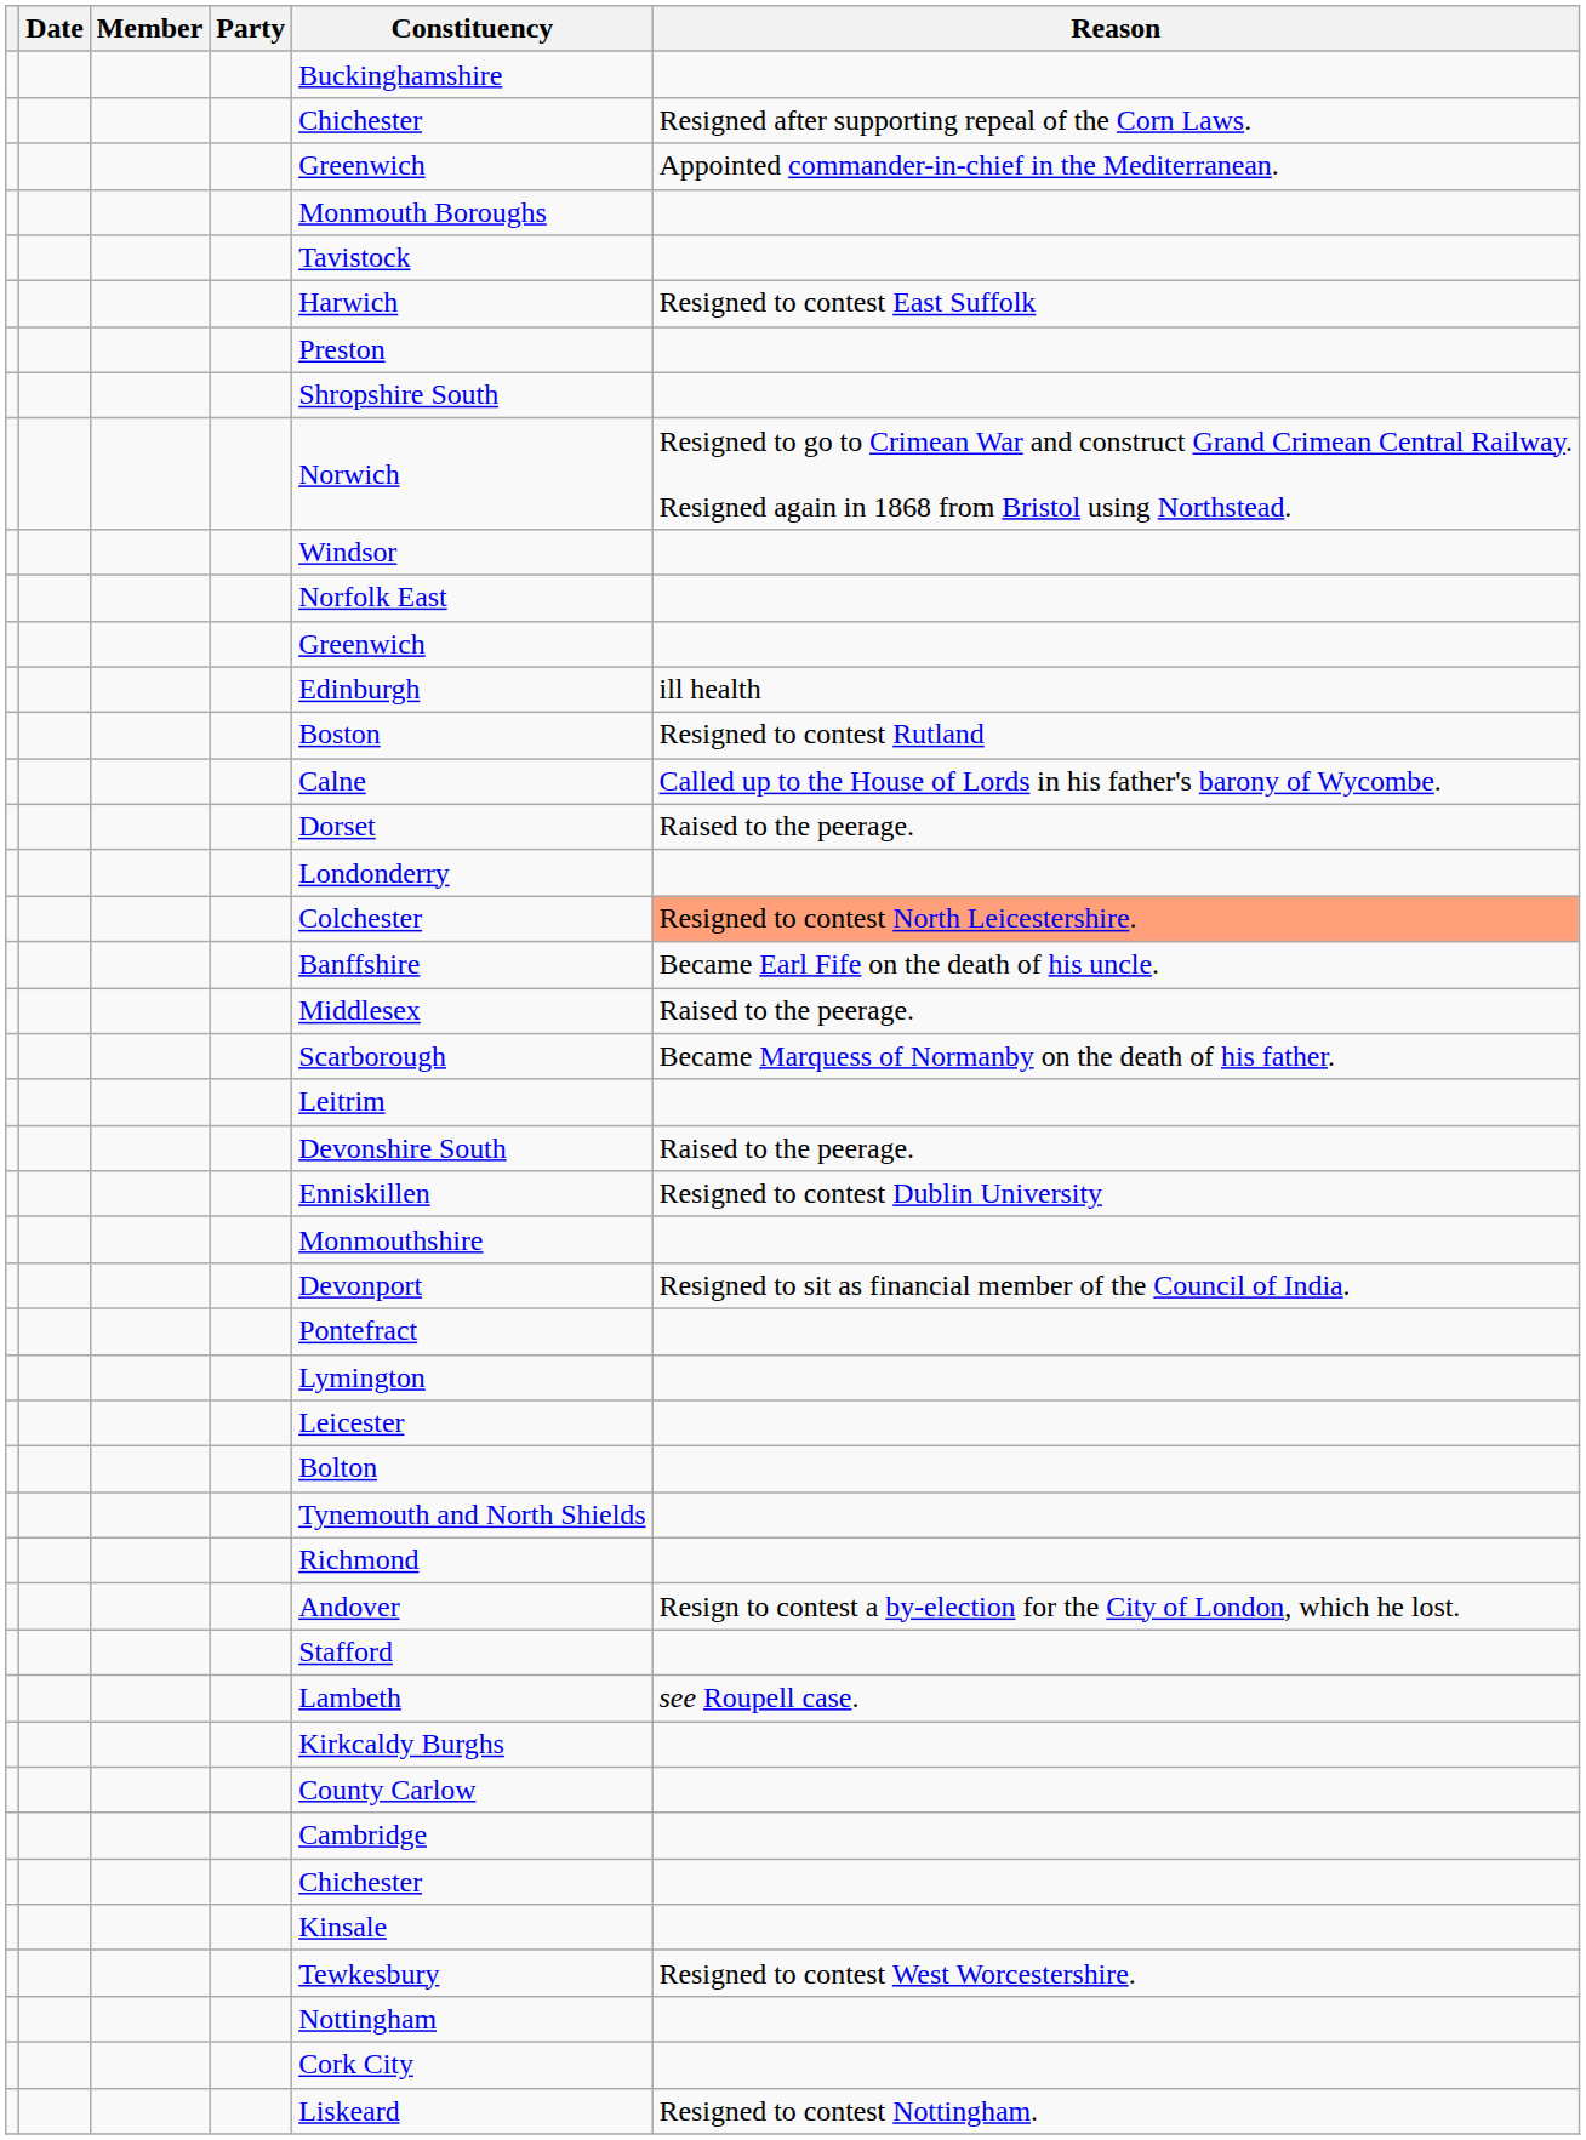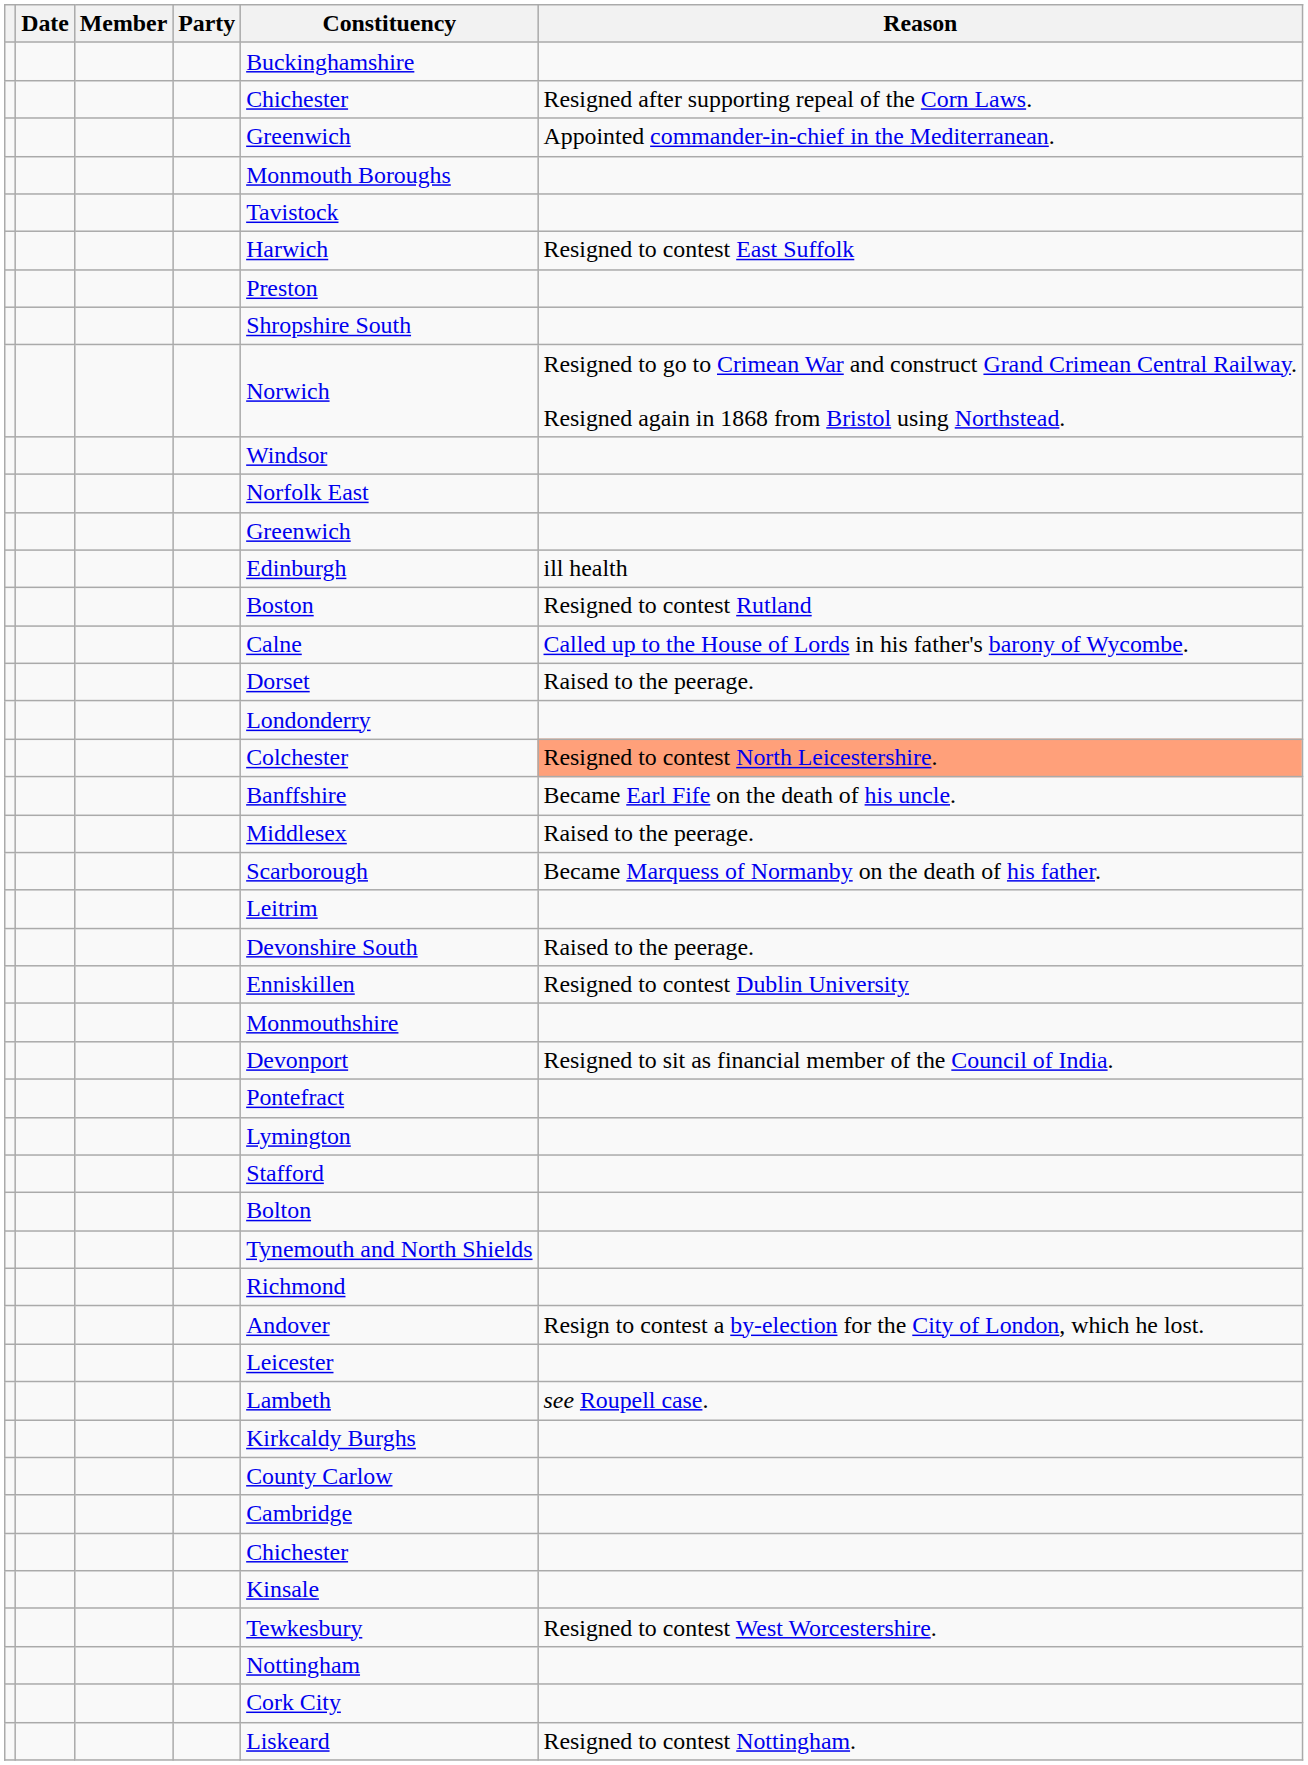 <table class="wikitable sortable">
 <tr>
 <th class="unsortable"></th>
 <th>Date</th>
 <th>Member</th>
 <th>Party</th>
 <th>Constituency</th>
 <th class="unsortable">Reason</th>
 </tr>
 <tr>
 <td style="background-color: "></td>
 <td></td>
 <td></td>
 <td><a href='#'></a></td>
 <td><a href='#'>Buckinghamshire</a></td>
 <td></td>
 </tr>
 <tr>
 <td style="background-color: "></td>
 <td></td>
 <td></td>
 <td><a href='#'></a></td>
 <td><a href='#'>Chichester</a></td>
 <td>Resigned after supporting repeal of the <a href='#'>Corn Laws</a>.</td>
 </tr>
 <tr>
 <td style="background-color: "></td>
 <td></td>
 <td></td>
 <td><a href='#'></a></td>
 <td><a href='#'>Greenwich</a></td>
 <td>Appointed <a href='#'>commander-in-chief in the Mediterranean</a>.</td>
 </tr>
 <tr>
 <td style="background-color: "></td>
 <td></td>
 <td></td>
 <td><a href='#'></a></td>
 <td><a href='#'>Monmouth Boroughs</a></td>
 <td></td>
 </tr>
 <tr>
 <td style="background-color: "></td>
 <td></td>
 <td></td>
 <td><a href='#'></a></td>
 <td><a href='#'>Tavistock</a></td>
 <td></td>
 </tr>
 <tr>
 <td style="background-color: "></td>
 <td></td>
 <td></td>
 <td><a href='#'></a></td>
 <td><a href='#'>Harwich</a></td>
 <td>Resigned to contest <a href='#'>East Suffolk</a></td>
 </tr>
 <tr>
 <td style="background-color: "></td>
 <td></td>
 <td></td>
 <td><a href='#'></a></td>
 <td><a href='#'>Preston</a></td>
 <td></td>
 </tr>
 <tr>
 <td style="background-color: "></td>
 <td></td>
 <td></td>
 <td><a href='#'></a></td>
 <td><a href='#'>Shropshire South</a></td>
 <td></td>
 </tr>
 <tr>
 <td style="background-color: "></td>
 <td></td>
 <td></td>
 <td><a href='#'></a></td>
 <td><a href='#'>Norwich</a></td>
 <td>Resigned to go to <a href='#'>Crimean War</a> and construct <a href='#'>Grand Crimean Central Railway</a>.<br><br>Resigned again in 1868 from <a href='#'>Bristol</a> using <a href='#'>Northstead</a>.</td>
 </tr>
 <tr>
 <td style="background-color: "></td>
 <td></td>
 <td></td>
 <td><a href='#'></a></td>
 <td><a href='#'>Windsor</a></td>
 <td></td>
 </tr>
 <tr>
 <td style="background-color: "></td>
 <td></td>
 <td></td>
 <td><a href='#'></a></td>
 <td><a href='#'>Norfolk East</a></td>
 <td></td>
 </tr>
 <tr>
 <td style="background-color: "></td>
 <td></td>
 <td></td>
 <td><a href='#'></a></td>
 <td><a href='#'>Greenwich</a></td>
 <td></td>
 </tr>
 <tr>
 <td style="background-color: "></td>
 <td></td>
 <td></td>
 <td><a href='#'></a></td>
 <td><a href='#'>Edinburgh</a></td>
 <td>ill health</td>
 </tr>
 <tr>
 <td style="background-color: "></td>
 <td></td>
 <td></td>
 <td><a href='#'></a></td>
 <td><a href='#'>Boston</a></td>
 <td>Resigned to contest <a href='#'>Rutland</a></td>
 </tr>
 <tr>
 <td style="background-color: "></td>
 <td></td>
 <td></td>
 <td><a href='#'></a></td>
 <td><a href='#'>Calne</a></td>
 <td><a href='#'>Called up to the House of Lords</a> in his father's <a href='#'>barony of Wycombe</a>.</td>
 </tr>
 <tr>
 <td style="background-color: "></td>
 <td></td>
 <td></td>
 <td><a href='#'></a></td>
 <td><a href='#'>Dorset</a></td>
 <td>Raised to the peerage.</td>
 </tr>
 <tr>
 <td style="background-color: "></td>
 <td></td>
 <td></td>
 <td><a href='#'></a></td>
 <td><a href='#'>Londonderry</a></td>
 <td></td>
 </tr>
 <tr>
 <td style="background-color: "></td>
 <td></td>
 <td></td>
 <td><a href='#'></a></td>
 <td><a href='#'>Colchester</a></td>
 <td style="background: lightsalmon;">Resigned to contest <a href='#'>North Leicestershire</a>.</td>
 </tr>
 <tr>
 <td style="background-color: "></td>
 <td></td>
 <td></td>
 <td><a href='#'></a></td>
 <td><a href='#'>Banffshire</a></td>
 <td>Became <a href='#'>Earl Fife</a> on the death of <a href='#'>his uncle</a>.</td>
 </tr>
 <tr>
 <td style="background-color: "></td>
 <td></td>
 <td></td>
 <td><a href='#'></a></td>
 <td><a href='#'>Middlesex</a></td>
 <td>Raised to the peerage.</td>
 </tr>
 <tr>
 <td style="background-color: "></td>
 <td></td>
 <td></td>
 <td><a href='#'></a></td>
 <td><a href='#'>Scarborough</a></td>
 <td>Became <a href='#'>Marquess of Normanby</a> on the death of <a href='#'>his father</a>.</td>
 </tr>
 <tr>
 <td style="background-color: "></td>
 <td></td>
 <td></td>
 <td><a href='#'></a></td>
 <td><a href='#'>Leitrim</a></td>
 <td></td>
 </tr>
 <tr>
 <td style="background-color: "></td>
 <td></td>
 <td></td>
 <td><a href='#'></a></td>
 <td><a href='#'>Devonshire South</a></td>
 <td>Raised to the peerage.</td>
 </tr>
 <tr>
 <td style="background-color: "></td>
 <td></td>
 <td></td>
 <td><a href='#'></a></td>
 <td><a href='#'>Enniskillen</a></td>
 <td>Resigned to contest <a href='#'>Dublin University</a></td>
 </tr>
 <tr>
 <td style="background-color: "></td>
 <td></td>
 <td></td>
 <td><a href='#'></a></td>
 <td><a href='#'>Monmouthshire</a></td>
 <td></td>
 </tr>
 <tr>
 <td style="background-color: "></td>
 <td></td>
 <td></td>
 <td><a href='#'></a></td>
 <td><a href='#'>Devonport</a></td>
 <td>Resigned to sit as financial member of the <a href='#'>Council of India</a>.</td>
 </tr>
 <tr>
 <td style="background-color: "></td>
 <td></td>
 <td></td>
 <td><a href='#'></a></td>
 <td><a href='#'>Pontefract</a></td>
 <td></td>
 </tr>
 <tr>
 <td style="background-color: "></td>
 <td></td>
 <td></td>
 <td><a href='#'></a></td>
 <td><a href='#'>Lymington</a></td>
 <td></td>
 </tr>
 <tr>
 <td style="background-color: "></td>
 <td></td>
 <td></td>
 <td><a href='#'></a></td>
-<td><a href='#'>Leicester</a></td>
+<td><a href='#'>Stafford</a></td>
 <td></td>
 </tr>
 <tr>
 <td style="background-color: "></td>
 <td></td>
 <td></td>
 <td><a href='#'></a></td>
 <td><a href='#'>Bolton</a></td>
 <td></td>
 </tr>
 <tr>
 <td style="background-color: "></td>
 <td></td>
 <td></td>
 <td><a href='#'></a></td>
 <td><a href='#'>Tynemouth and North Shields</a></td>
 <td></td>
 </tr>
 <tr>
 <td style="background-color: "></td>
 <td></td>
 <td></td>
 <td><a href='#'></a></td>
 <td><a href='#'>Richmond</a></td>
 <td></td>
 </tr>
 <tr>
 <td style="background-color: "></td>
 <td></td>
 <td></td>
 <td><a href='#'></a></td>
 <td><a href='#'>Andover</a></td>
 <td>Resign to contest a <a href='#'>by-election</a> for the <a href='#'>City of London</a>, which he lost.</td>
 </tr>
 <tr>
 <td style="background-color: "></td>
 <td></td>
 <td></td>
 <td><a href='#'></a></td>
-<td><a href='#'>Stafford</a></td>
+<td><a href='#'>Leicester</a></td>
 <td></td>
 </tr>
 <tr>
 <td style="background-color: "></td>
 <td></td>
 <td></td>
 <td><a href='#'></a></td>
 <td><a href='#'>Lambeth</a></td>
 <td><em>see</em> <a href='#'>Roupell case</a>.</td>
 </tr>
 <tr>
 <td style="background-color: "></td>
 <td></td>
 <td></td>
 <td><a href='#'></a></td>
 <td><a href='#'>Kirkcaldy Burghs</a></td>
 <td></td>
 </tr>
 <tr>
 <td style="background-color: "></td>
 <td></td>
 <td></td>
 <td><a href='#'></a></td>
 <td><a href='#'>County Carlow</a></td>
 <td></td>
 </tr>
 <tr>
 <td style="background-color: "></td>
 <td></td>
 <td></td>
 <td><a href='#'></a></td>
 <td><a href='#'>Cambridge</a></td>
 <td></td>
 </tr>
 <tr>
 <td style="background-color: "></td>
 <td></td>
 <td></td>
 <td><a href='#'></a></td>
 <td><a href='#'>Chichester</a></td>
 <td></td>
 </tr>
 <tr>
 <td style="background-color: "></td>
 <td></td>
 <td></td>
 <td><a href='#'></a></td>
 <td><a href='#'>Kinsale</a></td>
 <td></td>
 </tr>
 <tr>
 <td style="background-color: "></td>
 <td></td>
 <td></td>
 <td><a href='#'></a></td>
 <td><a href='#'>Tewkesbury</a></td>
 <td>Resigned to contest <a href='#'>West Worcestershire</a>.</td>
 </tr>
 <tr>
 <td style="background-color: "></td>
 <td></td>
 <td></td>
 <td><a href='#'></a></td>
 <td><a href='#'>Nottingham</a></td>
 <td></td>
 </tr>
 <tr>
 <td style="background-color: "></td>
 <td></td>
 <td></td>
 <td><a href='#'></a></td>
 <td><a href='#'>Cork City</a></td>
 <td></td>
 </tr>
 <tr>
 <td style="background-color: "></td>
 <td></td>
 <td></td>
 <td><a href='#'></a></td>
 <td><a href='#'>Liskeard</a></td>
 <td>Resigned to contest <a href='#'>Nottingham</a>.</td>
 </tr>
 </table>
